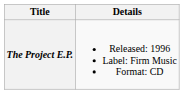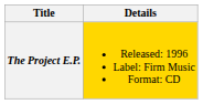 <table class="wikitable plainrowheaders" style="text-align:center;" border="1">
 <tr>
 <th>Title</th>
 <th>Details</th>
 </tr>
 <tr>
 <th scope="row"><em>The Project E.P.</em><br></th>
-<td><br><ul><li>Released: 1996</li><li>Label: Firm Music</li><li>Format: CD</li></ul></td>
+<td style="background: gold;"><br><ul><li>Released: 1996</li><li>Label: Firm Music</li><li>Format: CD</li></ul></td>
 </tr>
 </table>
